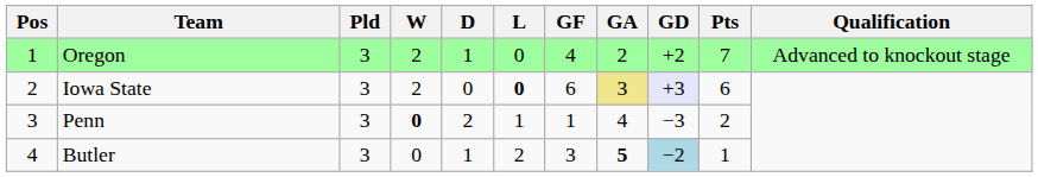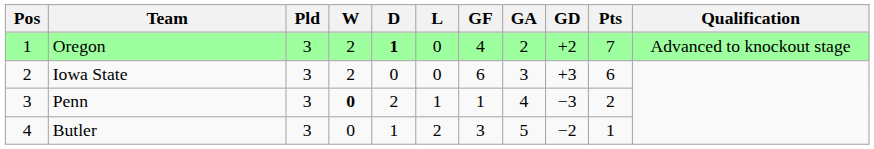 <table class="wikitable" style="text-align:center; margin: 1em auto">
 <tr>
 <th style=width:2em>Pos</th>
 <th style=width:13em>Team</th>
 <th style=width:2em>Pld</th>
 <th style=width:2em>W</th>
 <th style=width:2em>D</th>
 <th style=width:2em>L</th>
 <th style=width:2em>GF</th>
 <th style=width:2em>GA</th>
 <th style=width:2em>GD</th>
 <th style=width:2em>Pts</th>
 <th style=width:13em>Qualification</th>
 </tr>
 <tr bgcolor="#9eff9e">
 <td>1</td>
 <td style="text-align:left">Oregon</td>
 <td>3</td>
 <td>2</td>
-<td>1</td>
+<td><strong>1</strong></td>
 <td>0</td>
 <td>4</td>
 <td>2</td>
 <td>+2</td>
 <td>7</td>
 <td>Advanced to knockout stage</td>
 </tr>
 <tr>
 <td>2</td>
 <td style="text-align:left">Iowa State</td>
 <td>3</td>
 <td>2</td>
 <td>0</td>
-<td><strong>0</strong></td>
+<td>0</td>
 <td>6</td>
-<td style="background: khaki;">3</td>
-<td style="background: lavender;">+3</td>
+<td>3</td>
+<td>+3</td>
 <td>6</td>
 <td rowspan="3"></td>
 </tr>
 <tr>
 <td>3</td>
 <td style="text-align:left">Penn</td>
 <td>3</td>
 <td><strong>0</strong></td>
 <td>2</td>
 <td>1</td>
 <td>1</td>
 <td>4</td>
 <td>−3</td>
 <td>2</td>
 </tr>
 <tr>
 <td>4</td>
 <td style="text-align:left">Butler</td>
 <td>3</td>
 <td>0</td>
 <td>1</td>
 <td>2</td>
 <td>3</td>
-<td><strong>5</strong></td>
-<td style="background: lightblue;">−2</td>
+<td>5</td>
+<td>−2</td>
 <td>1</td>
 </tr>
 </table>
